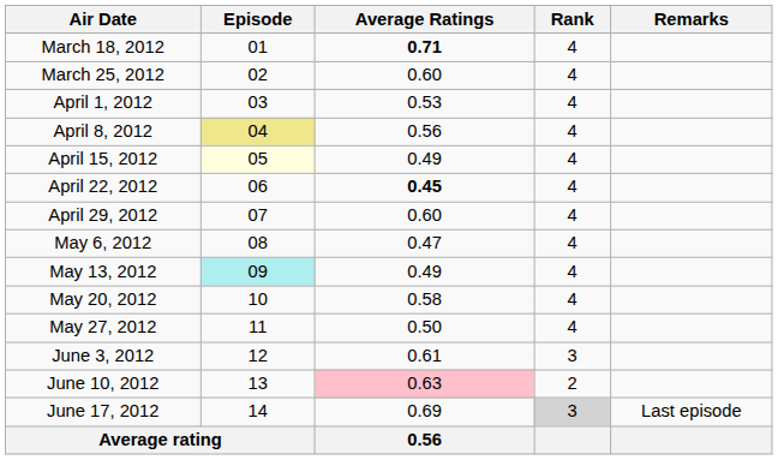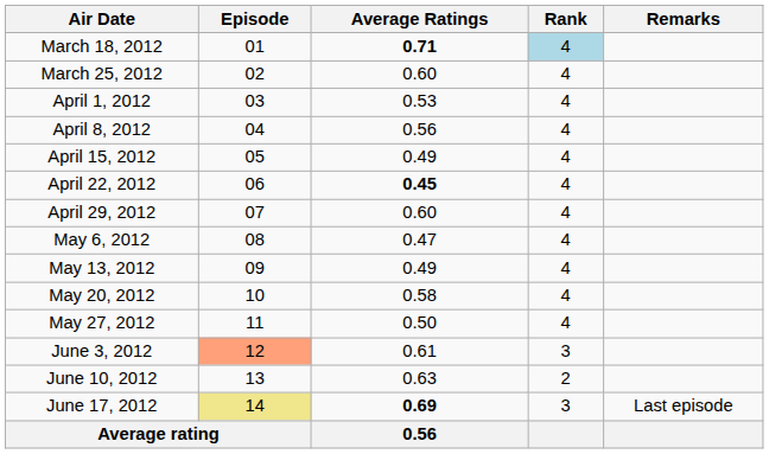 <table class="wikitable" width="55%">
 <tr align=center>
 <th>Air Date</th>
 <th>Episode</th>
 <th>Average Ratings</th>
 <th>Rank</th>
 <th>Remarks</th>
 </tr>
 <tr align=center>
 <td>March 18, 2012</td>
 <td>01</td>
 <td><span><strong>0.71</strong></span></td>
-<td>4</td>
+<td style="background: lightblue;">4</td>
 <td></td>
 </tr>
 <tr align=center>
 <td>March 25, 2012</td>
 <td>02</td>
 <td>0.60</td>
 <td>4</td>
 <td></td>
 </tr>
 <tr align=center>
 <td>April 1, 2012</td>
 <td>03</td>
 <td>0.53</td>
 <td>4</td>
 <td></td>
 </tr>
 <tr align=center>
 <td>April 8, 2012</td>
-<td style="background: khaki;">04</td>
+<td>04</td>
 <td>0.56</td>
 <td>4</td>
 <td></td>
 </tr>
 <tr align=center>
 <td>April 15, 2012</td>
-<td style="background: lightyellow;">05</td>
+<td>05</td>
 <td>0.49</td>
 <td>4</td>
 <td></td>
 </tr>
 <tr align=center>
 <td>April 22, 2012</td>
 <td>06</td>
 <td><span><strong>0.45</strong></span></td>
 <td>4</td>
 <td></td>
 </tr>
 <tr align=center>
 <td>April 29, 2012</td>
 <td>07</td>
 <td>0.60</td>
 <td>4</td>
 <td></td>
 </tr>
 <tr align=center>
 <td>May 6, 2012</td>
 <td>08</td>
 <td>0.47</td>
 <td>4</td>
 <td></td>
 </tr>
 <tr align=center>
 <td>May 13, 2012</td>
-<td style="background: paleturquoise;">09</td>
+<td>09</td>
 <td>0.49</td>
 <td>4</td>
 <td></td>
 </tr>
 <tr align=center>
 <td>May 20, 2012</td>
 <td>10</td>
 <td>0.58</td>
 <td>4</td>
 <td></td>
 </tr>
 <tr align=center>
 <td>May 27, 2012</td>
 <td>11</td>
 <td>0.50</td>
 <td>4</td>
 <td></td>
 </tr>
 <tr align=center>
 <td>June 3, 2012</td>
-<td>12</td>
+<td style="background: lightsalmon;">12</td>
 <td>0.61</td>
 <td>3</td>
 <td></td>
 </tr>
 <tr align=center>
 <td>June 10, 2012</td>
 <td>13</td>
-<td style="background: pink;">0.63</td>
+<td>0.63</td>
 <td>2</td>
 <td></td>
 </tr>
 <tr align=center>
 <td>June 17, 2012</td>
-<td>14</td>
-<td>0.69</td>
-<td style="background: lightgrey;">3</td>
+<td style="background: khaki;">14</td>
+<td><strong>0.69</strong></td>
+<td>3</td>
 <td>Last episode</td>
 </tr>
 <tr align=center>
 <th colspan="2">Average rating</th>
 <th>0.56</th>
 <th></th>
 <th></th>
 </tr>
 </table>
